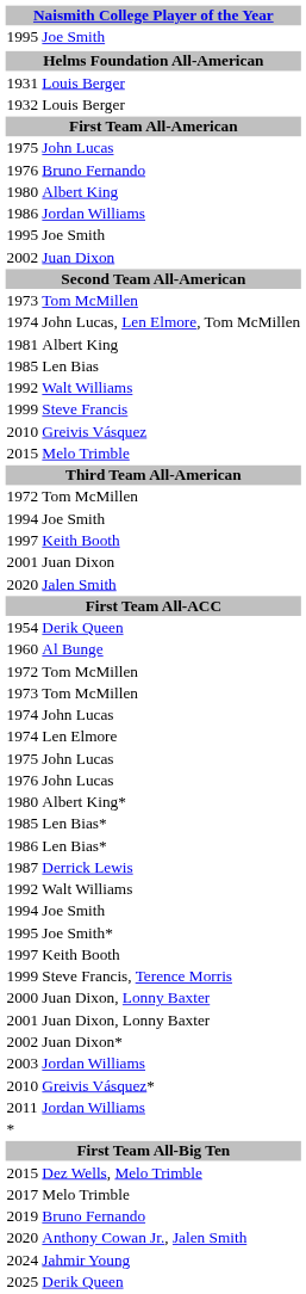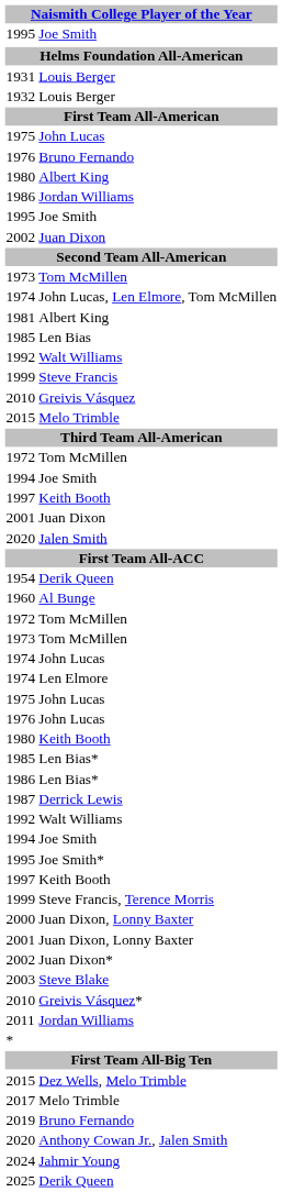 <table class="toccolours">
 <tr>
 <th colspan=2 bgcolor=silver><a href='#'>Naismith College Player of the Year</a></th>
 </tr>
 <tr>
 <td>1995</td>
 <td><a href='#'>Joe Smith</a></td>
 </tr>
 <tr bgcolor=#eeeeee>
 </tr>
 <tr>
 <th colspan=2 bgcolor=silver>Helms Foundation All-American</th>
 </tr>
 <tr>
 <td>1931</td>
 <td><a href='#'>Louis Berger</a></td>
 </tr>
 <tr>
 <td>1932</td>
 <td>Louis Berger</td>
 </tr>
 <tr>
 <th colspan=2 bgcolor=silver>First Team All-American</th>
 </tr>
 <tr>
 <td>1975</td>
 <td><a href='#'>John Lucas</a></td>
 </tr>
 <tr>
 <td>1976</td>
 <td><a href='#'>Bruno Fernando</a></td>
 </tr>
 <tr>
 <td>1980</td>
 <td><a href='#'>Albert King</a></td>
 </tr>
 <tr>
 <td>1986</td>
 <td><a href='#'>Jordan Williams</a></td>
 </tr>
 <tr>
 <td>1995</td>
 <td>Joe Smith</td>
 </tr>
 <tr>
 <td>2002</td>
 <td><a href='#'>Juan Dixon</a></td>
 </tr>
 <tr>
 <th colspan=2 bgcolor=silver>Second Team All-American</th>
 </tr>
 <tr>
 <td>1973</td>
 <td><a href='#'>Tom McMillen</a></td>
 </tr>
 <tr>
 <td>1974</td>
 <td>John Lucas, <a href='#'>Len Elmore</a>, Tom McMillen</td>
 </tr>
 <tr>
 <td>1981</td>
 <td>Albert King</td>
 </tr>
 <tr>
 <td>1985</td>
 <td>Len Bias</td>
 </tr>
 <tr>
 <td>1992</td>
 <td><a href='#'>Walt Williams</a></td>
 </tr>
 <tr>
 <td>1999</td>
 <td><a href='#'>Steve Francis</a></td>
 </tr>
 <tr>
 <td>2010</td>
 <td><a href='#'>Greivis Vásquez</a></td>
 </tr>
 <tr>
 <td>2015</td>
 <td><a href='#'>Melo Trimble</a></td>
 </tr>
 <tr>
 <th colspan=2 bgcolor=silver>Third Team All-American</th>
 </tr>
 <tr>
 <td>1972</td>
 <td>Tom McMillen</td>
 </tr>
 <tr>
 <td>1994</td>
 <td>Joe Smith</td>
 </tr>
 <tr>
 <td>1997</td>
 <td><a href='#'>Keith Booth</a></td>
 </tr>
 <tr>
 <td>2001</td>
 <td>Juan Dixon</td>
 </tr>
 <tr>
 <td>2020</td>
 <td><a href='#'>Jalen Smith</a></td>
 </tr>
 <tr>
 <th colspan=2 bgcolor=silver>First Team All-ACC</th>
 </tr>
 <tr>
 <td>1954</td>
 <td><a href='#'>Derik Queen</a></td>
 </tr>
 <tr>
 <td>1960</td>
 <td><a href='#'>Al Bunge</a></td>
 </tr>
 <tr>
 <td>1972</td>
 <td>Tom McMillen</td>
 </tr>
 <tr>
 <td>1973</td>
 <td>Tom McMillen</td>
 </tr>
 <tr>
 <td>1974</td>
 <td>John Lucas</td>
 </tr>
 <tr>
 <td>1974</td>
 <td>Len Elmore</td>
 </tr>
 <tr>
 <td>1975</td>
 <td>John Lucas</td>
 </tr>
 <tr>
 <td>1976</td>
 <td>John Lucas</td>
 </tr>
 <tr>
 <td>1980</td>
-<td>Albert King*</td>
+<td><a href='#'>Keith Booth</a></td>
 </tr>
 <tr>
 <td>1985</td>
 <td>Len Bias*</td>
 </tr>
 <tr>
 <td>1986</td>
 <td>Len Bias*</td>
 </tr>
 <tr>
 <td>1987</td>
 <td><a href='#'>Derrick Lewis</a></td>
 </tr>
 <tr>
 <td>1992</td>
 <td>Walt Williams</td>
 </tr>
 <tr>
 <td>1994</td>
 <td>Joe Smith</td>
 </tr>
 <tr>
 <td>1995</td>
 <td>Joe Smith*</td>
 </tr>
 <tr>
 <td>1997</td>
 <td>Keith Booth</td>
 </tr>
 <tr>
 <td>1999</td>
 <td>Steve Francis, <a href='#'>Terence Morris</a></td>
 </tr>
 <tr>
 <td>2000</td>
 <td>Juan Dixon, <a href='#'>Lonny Baxter</a></td>
 </tr>
 <tr>
 <td>2001</td>
 <td>Juan Dixon, Lonny Baxter</td>
 </tr>
 <tr>
 <td>2002</td>
 <td>Juan Dixon*</td>
 </tr>
 <tr>
 <td>2003</td>
-<td><a href='#'>Jordan Williams</a></td>
+<td><a href='#'>Steve Blake</a></td>
 </tr>
 <tr>
 <td>2010</td>
 <td><a href='#'>Greivis Vásquez</a>*</td>
 </tr>
 <tr>
 <td>2011</td>
 <td><a href='#'>Jordan Williams</a></td>
 </tr>
 <tr>
 <td>* </td>
 </tr>
 <tr>
 <th colspan=2 bgcolor=silver>First Team All-Big Ten</th>
 </tr>
 <tr>
 <td>2015</td>
 <td><a href='#'>Dez Wells</a>, <a href='#'>Melo Trimble</a></td>
 </tr>
 <tr>
 <td>2017</td>
 <td>Melo Trimble</td>
 </tr>
 <tr>
 <td>2019</td>
 <td><a href='#'>Bruno Fernando</a></td>
 </tr>
 <tr>
 <td>2020</td>
 <td><a href='#'>Anthony Cowan Jr.</a>, <a href='#'>Jalen Smith</a></td>
 </tr>
 <tr>
 <td>2024</td>
 <td><a href='#'>Jahmir Young</a></td>
 </tr>
 <tr>
 <td>2025</td>
 <td><a href='#'>Derik Queen</a></td>
 </tr>
 </table>
